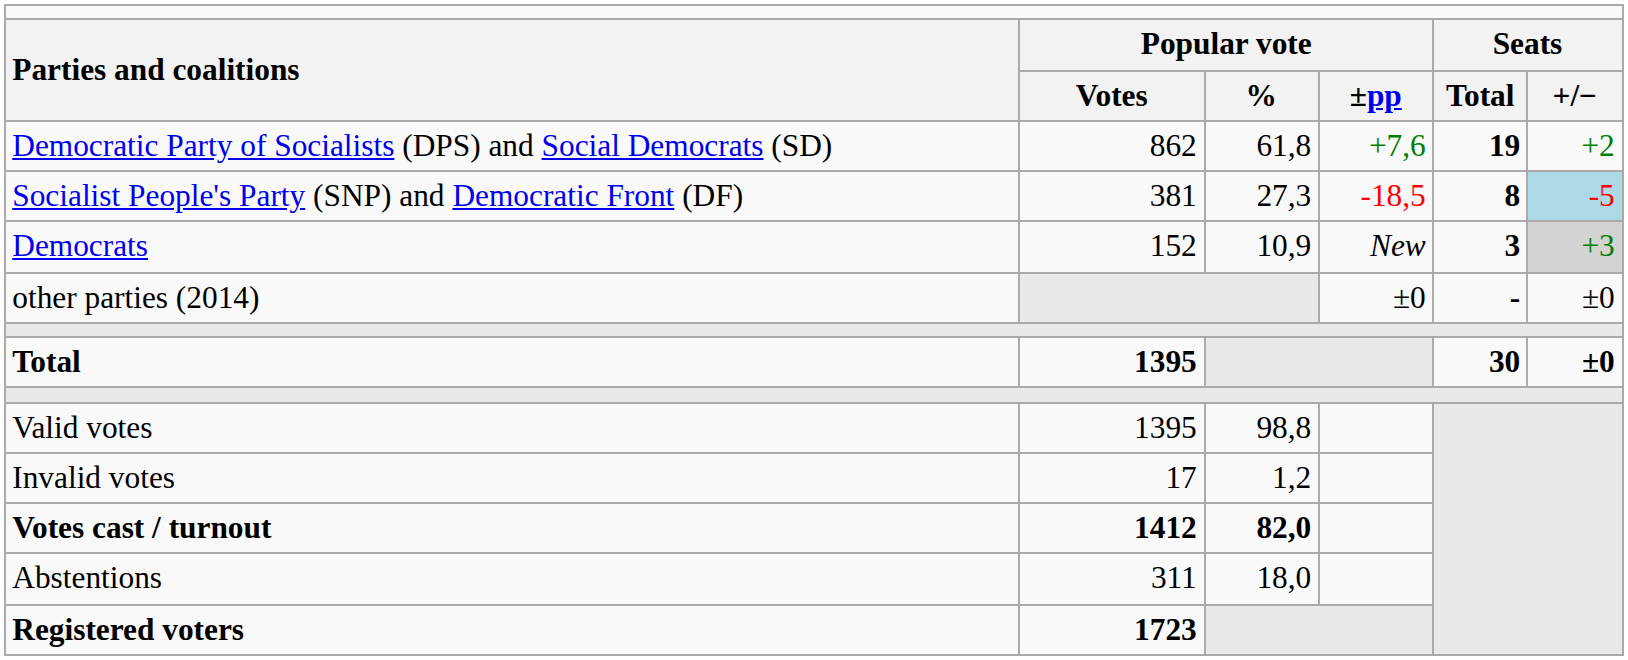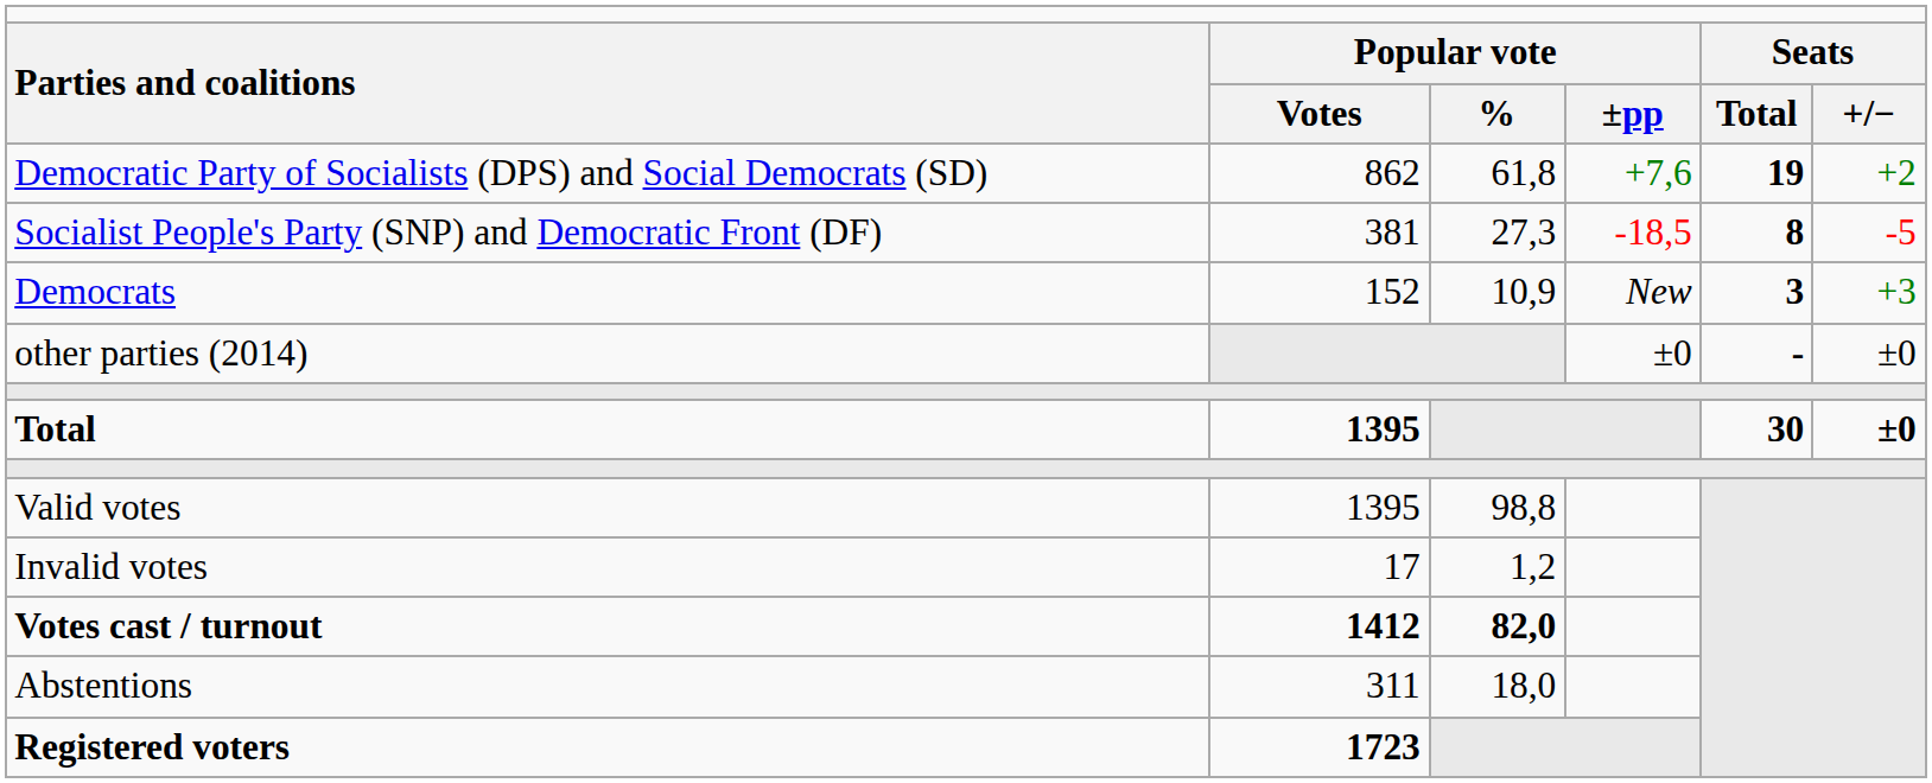 <table class="wikitable" style="text-align:right; font-size:98%; margin-bottom:0">
 <tr>
 <td colspan="6"></td>
 </tr>
 <tr>
 <th style="text-align:left;" rowspan="2" width="500">Parties and coalitions</th>
 <th colspan="3">Popular vote</th>
 <th colspan="2">Seats</th>
 </tr>
 <tr>
 <th width="85">Votes</th>
 <th width="50">%</th>
 <th width="50">±<a href='#'>pp</a></th>
 <th width="40">Total</th>
 <th width="40">+/−</th>
 </tr>
 <tr>
 <td align="left"><a href='#'>Democratic Party of Socialists</a> (DPS) and <a href='#'>Social Democrats</a> (SD)</td>
 <td>862</td>
 <td>61,8</td>
 <td style="color:green;">+7,6</td>
 <td><strong>19</strong></td>
 <td style="color:green;">+2</td>
 </tr>
 <tr>
 <td align="left"><a href='#'>Socialist People's Party</a> (SNP) and <a href='#'>Democratic Front</a> (DF)</td>
 <td>381</td>
 <td>27,3</td>
 <td style="color:red;">-18,5</td>
 <td><strong>8</strong></td>
-<td style="background: lightblue; color:red;">-5</td>
+<td style="color:red;">-5</td>
 </tr>
 <tr>
 <td align="left"><a href='#'>Democrats</a></td>
 <td>152</td>
 <td>10,9</td>
 <td><em>New</em></td>
 <td><strong>3</strong></td>
-<td style="background: lightgrey; color:green;">+3</td>
+<td style="color:green;">+3</td>
 </tr>
 <tr>
 <td align="left">other parties (2014)</td>
 <td bgcolor="#E9E9E9" colspan="2"></td>
 <td>±0</td>
 <td><strong>-</strong></td>
 <td>±0</td>
 </tr>
 <tr>
 <td colspan="6" bgcolor="#E9E9E9"></td>
 </tr>
 <tr style="font-weight:bold;">
 <td align="left" width="500">Total</td>
 <td>1395</td>
 <td bgcolor="#E9E9E9" colspan="2"></td>
 <td width="40">30</td>
 <td width="40">±0</td>
 </tr>
 <tr>
 <td colspan="6" bgcolor="#E9E9E9"></td>
 </tr>
 <tr>
 <td align="left">Valid votes</td>
 <td>1395</td>
 <td>98,8</td>
 <td style="color:green;"></td>
 <td bgcolor="#E9E9E9" colspan="2" rowspan="5"></td>
 </tr>
 <tr>
 <td align="left">Invalid votes</td>
 <td>17</td>
 <td>1,2</td>
 <td style="color:red;"></td>
 </tr>
 <tr style="font-weight:bold;">
 <td align="left">Votes cast / turnout</td>
 <td>1412</td>
 <td>82,0</td>
 <td style="color:green;"></td>
 </tr>
 <tr>
 <td align="left">Abstentions</td>
 <td>311</td>
 <td>18,0</td>
 <td style="color:red;"></td>
 </tr>
 <tr style="font-weight:bold;">
 <td align="left">Registered voters</td>
 <td>1723</td>
 <td bgcolor="#E9E9E9" colspan="2"></td>
 </tr>
 </table>
